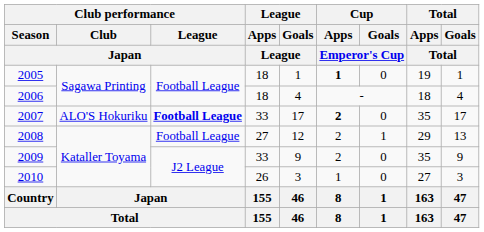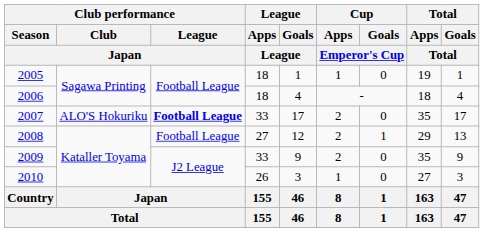 <table class="wikitable" style="text-align:center;">
 <tr>
 <th colspan=3>Club performance</th>
 <th colspan=2>League</th>
 <th colspan=2>Cup</th>
 <th colspan=2>Total</th>
 </tr>
 <tr>
 <th>Season</th>
 <th>Club</th>
 <th>League</th>
 <th>Apps</th>
 <th>Goals</th>
 <th>Apps</th>
 <th>Goals</th>
 <th>Apps</th>
 <th>Goals</th>
 </tr>
 <tr>
 <th colspan=3>Japan</th>
 <th colspan=2>League</th>
 <th colspan=2><a href='#'>Emperor's Cup</a></th>
 <th colspan=2>Total</th>
 </tr>
 <tr>
 <td><a href='#'>2005</a></td>
 <td rowspan="2"><a href='#'>Sagawa Printing</a></td>
 <td rowspan="2"><a href='#'>Football League</a></td>
 <td>18</td>
 <td>1</td>
-<td><strong>1</strong></td>
+<td>1</td>
 <td>0</td>
 <td>19</td>
 <td>1</td>
 </tr>
 <tr>
 <td><a href='#'>2006</a></td>
 <td>18</td>
 <td>4</td>
 <td colspan="2">-</td>
 <td>18</td>
 <td>4</td>
 </tr>
 <tr>
 <td><a href='#'>2007</a></td>
 <td><a href='#'>ALO'S Hokuriku</a></td>
 <td><strong><a href='#'>Football League</a></strong></td>
 <td>33</td>
 <td>17</td>
-<td><strong>2</strong></td>
+<td>2</td>
 <td>0</td>
 <td>35</td>
 <td>17</td>
 </tr>
 <tr>
 <td><a href='#'>2008</a></td>
 <td rowspan="3"><a href='#'>Kataller Toyama</a></td>
 <td><a href='#'>Football League</a></td>
 <td>27</td>
 <td>12</td>
 <td>2</td>
 <td>1</td>
 <td>29</td>
 <td>13</td>
 </tr>
 <tr>
 <td><a href='#'>2009</a></td>
 <td rowspan="2"><a href='#'>J2 League</a></td>
 <td>33</td>
 <td>9</td>
 <td>2</td>
 <td>0</td>
 <td>35</td>
 <td>9</td>
 </tr>
 <tr>
 <td><a href='#'>2010</a></td>
 <td>26</td>
 <td>3</td>
 <td>1</td>
 <td>0</td>
 <td>27</td>
 <td>3</td>
 </tr>
 <tr>
 <th rowspan=1>Country</th>
 <th colspan=2>Japan</th>
 <th>155</th>
 <th>46</th>
 <th>8</th>
 <th>1</th>
 <th>163</th>
 <th>47</th>
 </tr>
 <tr>
 <th colspan=3>Total</th>
 <th>155</th>
 <th>46</th>
 <th>8</th>
 <th>1</th>
 <th>163</th>
 <th>47</th>
 </tr>
 </table>
